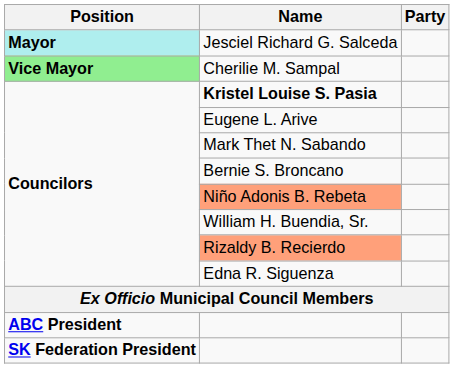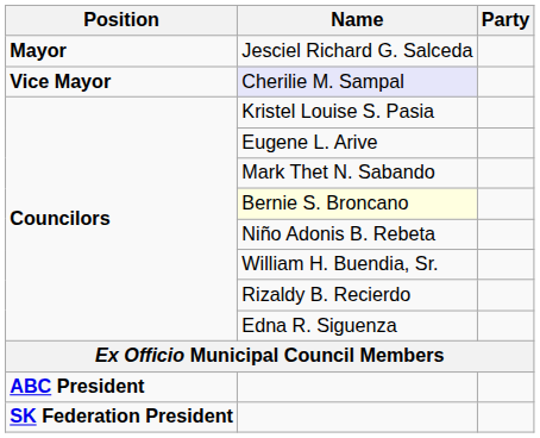 <table class=wikitable>
 <tr>
 <th>Position</th>
 <th>Name</th>
 <th colspan=2>Party</th>
 </tr>
 <tr>
-<td style="background: paleturquoise;"><strong>Mayor</strong></td>
+<td><strong>Mayor</strong></td>
 <td>Jesciel Richard G. Salceda </td>
 <td></td>
 </tr>
 <tr>
-<td style="background: lightgreen;"><strong>Vice Mayor</strong></td>
-<td>Cherilie M. Sampal </td>
+<td><strong>Vice Mayor</strong></td>
+<td style="background: lavender;">Cherilie M. Sampal </td>
 <td></td>
 </tr>
 <tr>
 <td rowspan=8><strong>Councilors</strong></td>
-<td><strong>Kristel Louise S. Pasia </strong></td>
+<td>Kristel Louise S. Pasia </td>
 <td></td>
 </tr>
 <tr>
 <td>Eugene L. Arive </td>
 <td></td>
 </tr>
 <tr>
 <td>Mark Thet N. Sabando </td>
 <td></td>
 </tr>
 <tr>
-<td>Bernie S. Broncano </td>
+<td style="background: lightyellow;">Bernie S. Broncano </td>
 <td></td>
 </tr>
 <tr>
-<td style="background: lightsalmon;">Niño Adonis B. Rebeta </td>
+<td>Niño Adonis B. Rebeta </td>
 <td></td>
 </tr>
 <tr>
 <td>William H. Buendia, Sr. </td>
 <td></td>
 </tr>
 <tr>
-<td style="background: lightsalmon;">Rizaldy B. Recierdo </td>
+<td>Rizaldy B. Recierdo </td>
 <td></td>
 </tr>
 <tr>
 <td>Edna R. Siguenza </td>
 <td></td>
 </tr>
 <tr>
 <th colspan=4><em>Ex Officio</em> Municipal Council Members</th>
 </tr>
 <tr>
 <td><strong><a href='#'>ABC</a> President</strong></td>
 <td></td>
 <td></td>
 </tr>
 <tr>
 <td><strong><a href='#'>SK</a> Federation President</strong></td>
 <td></td>
 <td></td>
 </tr>
 </table>
